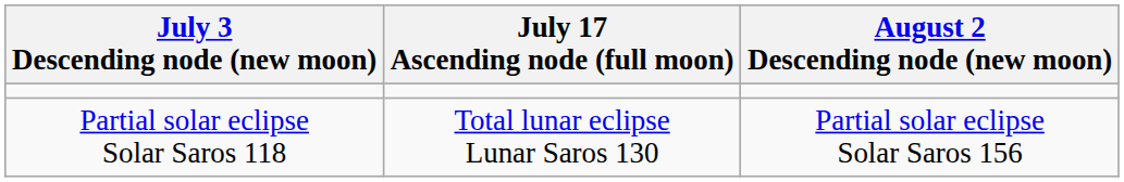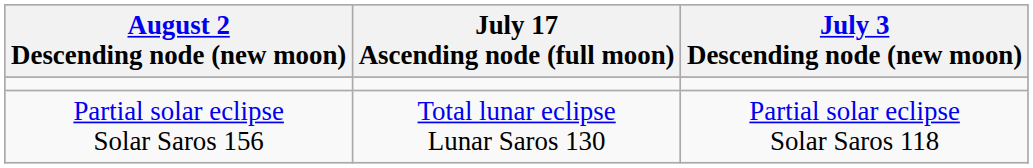 <table class="wikitable">
 <tr>
+<th><a href='#'>August 2</a><br>Descending node (new moon)<br></th>
+<th>July 17<br>Ascending node (full moon)<br></th>
 <th><a href='#'>July 3</a><br>Descending node (new moon)<br></th>
-<th>July 17<br>Ascending node (full moon)<br></th>
-<th><a href='#'>August 2</a><br>Descending node (new moon)<br></th>
 </tr>
 <tr>
 <td></td>
 <td></td>
 <td></td>
 </tr>
 <tr align=center>
+<td><a href='#'>Partial solar eclipse</a><br>Solar Saros 156</td>
+<td><a href='#'>Total lunar eclipse</a><br>Lunar Saros 130</td>
 <td><a href='#'>Partial solar eclipse</a><br>Solar Saros 118</td>
-<td><a href='#'>Total lunar eclipse</a><br>Lunar Saros 130</td>
-<td><a href='#'>Partial solar eclipse</a><br>Solar Saros 156</td>
 </tr>
 </table>
